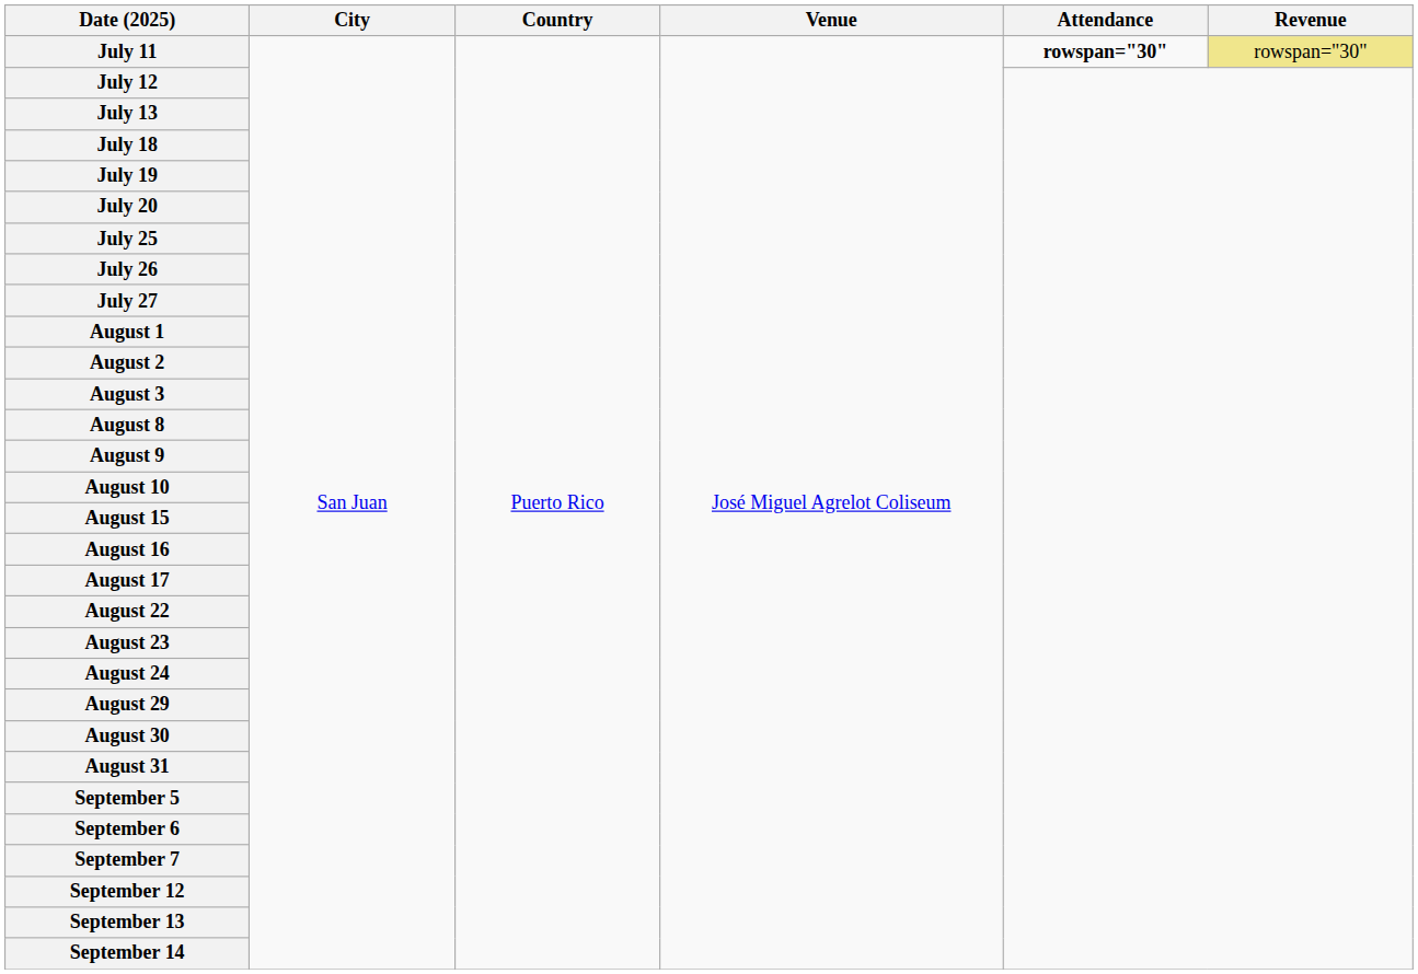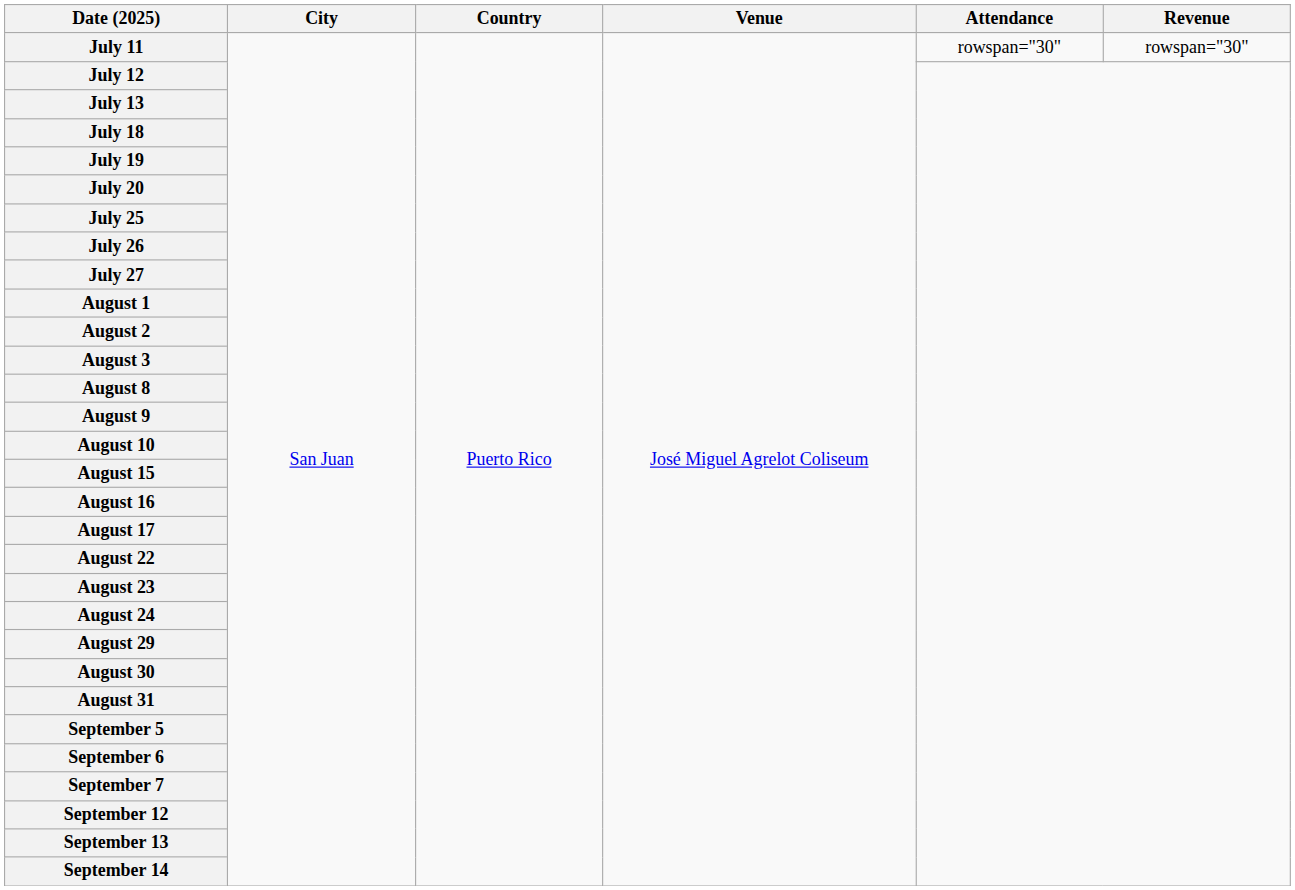 <table class="wikitable plainrowheaders" style="text-align:center;">
 <tr>
 <th scope="col" style="width:12em;">Date (2025)</th>
 <th scope="col" style="width:10em;">City</th>
 <th scope="col" style="width:10em;">Country</th>
 <th scope="col" style="width:17em;">Venue</th>
 <th scope="col" style="width:10em;">Attendance</th>
 <th scope="col" style="width:10em;">Revenue</th>
 </tr>
 <tr>
 <th scope="row" style="text-align:center;">July 11</th>
 <td rowspan="30"><a href='#'>San Juan</a></td>
 <td rowspan="30"><a href='#'>Puerto Rico</a></td>
 <td rowspan="30"><a href='#'>José Miguel Agrelot Coliseum</a></td>
-<td><strong>rowspan="30" </strong></td>
-<td style="background: khaki;">rowspan="30" </td>
+<td>rowspan="30" </td>
+<td>rowspan="30" </td>
 </tr>
 <tr>
 <th scope="row" style="text-align:center;">July 12</th>
 </tr>
 <tr>
 <th scope="row" style="text-align:center;">July 13</th>
 </tr>
 <tr>
 <th scope="row" style="text-align:center;">July 18</th>
 </tr>
 <tr>
 <th scope="row" style="text-align:center;">July 19</th>
 </tr>
 <tr>
 <th scope="row" style="text-align:center;">July 20</th>
 </tr>
 <tr>
 <th scope="row" style="text-align:center;">July 25</th>
 </tr>
 <tr>
 <th scope="row" style="text-align:center;">July 26</th>
 </tr>
 <tr>
 <th scope="row" style="text-align:center;">July 27</th>
 </tr>
 <tr>
 <th scope="row" style="text-align:center;">August 1</th>
 </tr>
 <tr>
 <th scope="row" style="text-align:center;">August 2</th>
 </tr>
 <tr>
 <th scope="row" style="text-align:center;">August 3</th>
 </tr>
 <tr>
 <th scope="row" style="text-align:center;">August 8</th>
 </tr>
 <tr>
 <th scope="row" style="text-align:center;">August 9</th>
 </tr>
 <tr>
 <th scope="row" style="text-align:center;">August 10</th>
 </tr>
 <tr>
 <th scope="row" style="text-align:center;">August 15</th>
 </tr>
 <tr>
 <th scope="row" style="text-align:center;">August 16</th>
 </tr>
 <tr>
 <th scope="row" style="text-align:center;">August 17</th>
 </tr>
 <tr>
 <th scope="row" style="text-align:center;">August 22</th>
 </tr>
 <tr>
 <th scope="row" style="text-align:center;">August 23</th>
 </tr>
 <tr>
 <th scope="row" style="text-align:center;">August 24</th>
 </tr>
 <tr>
 <th scope="row" style="text-align:center;">August 29</th>
 </tr>
 <tr>
 <th scope="row" style="text-align:center;">August 30</th>
 </tr>
 <tr>
 <th scope="row" style="text-align:center;">August 31</th>
 </tr>
 <tr>
 <th scope="row" style="text-align:center;">September 5</th>
 </tr>
 <tr>
 <th scope="row" style="text-align:center;">September 6</th>
 </tr>
 <tr>
 <th scope="row" style="text-align:center;">September 7</th>
 </tr>
 <tr>
 <th scope="row" style="text-align:center;">September 12</th>
 </tr>
 <tr>
 <th scope="row" style="text-align:center;">September 13</th>
 </tr>
 <tr>
 <th scope="row" style="text-align:center;">September 14</th>
 </tr>
 </table>
